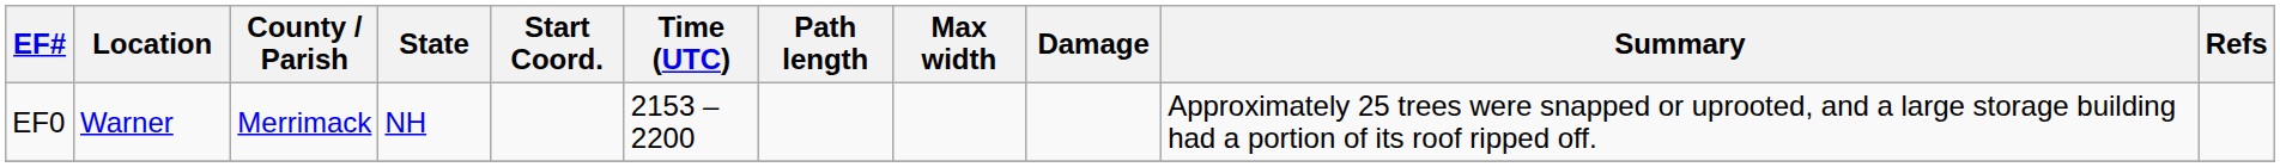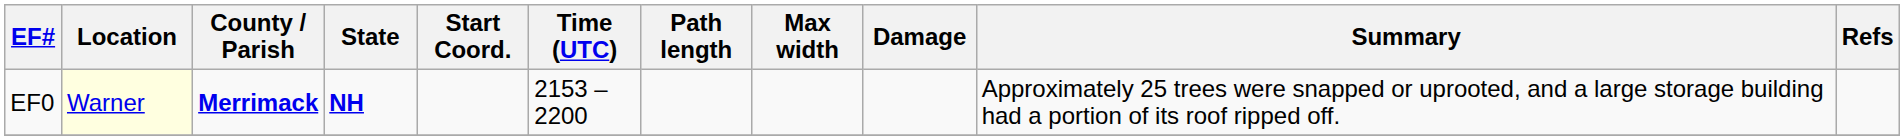 <table class="wikitable sortable" style="width:100%;">
 <tr>
 <th scope="col" width="3%" align="center"><a href='#'>EF#</a></th>
 <th scope="col" width="7%" align="center" class="unsortable">Location</th>
 <th scope="col" width="6%" align="center" class="unsortable">County / Parish</th>
 <th scope="col" width="5%" align="center">State</th>
 <th scope="col" width="6%" align="center">Start Coord.</th>
 <th scope="col" width="6%" align="center">Time (<a href='#'>UTC</a>)</th>
 <th scope="col" width="6%" align="center">Path length</th>
 <th scope="col" width="6%" align="center">Max width</th>
 <th scope="col" width="6%" align="center">Damage</th>
 <th scope="col" width="48%" class="unsortable" align="center">Summary</th>
 <th scope="col" width="48%" class="unsortable" align="center">Refs</th>
 </tr>
 <tr>
 <td>EF0</td>
-<td><a href='#'>Warner</a></td>
-<td><a href='#'>Merrimack</a></td>
-<td><a href='#'>NH</a></td>
+<td style="background: lightyellow;"><a href='#'>Warner</a></td>
+<td><strong><a href='#'>Merrimack</a></strong></td>
+<td><strong><a href='#'>NH</a></strong></td>
 <td></td>
 <td>2153 – 2200</td>
 <td></td>
 <td></td>
 <td></td>
 <td>Approximately 25 trees were snapped or uprooted, and a large storage building had a portion of its roof ripped off.</td>
 <td></td>
 </tr>
 <tr>
 </tr>
 </table>
